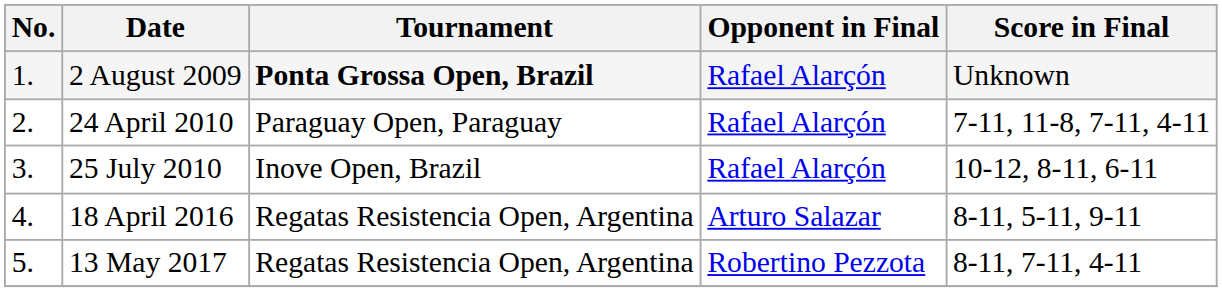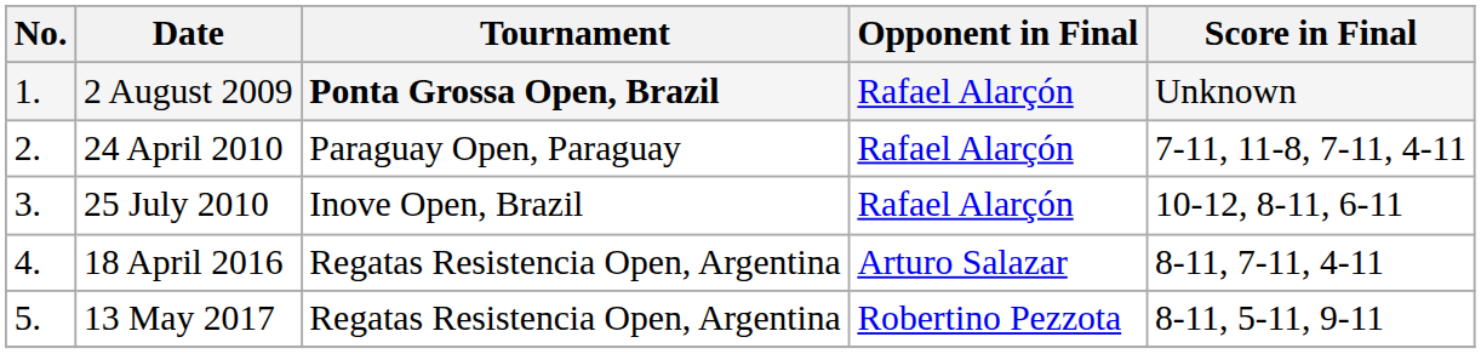 <table class="sortable wikitable">
 <tr>
 <th>No.</th>
 <th>Date</th>
 <th>Tournament</th>
 <th>Opponent in Final</th>
 <th>Score in Final</th>
 </tr>
 <tr style="background:#f5f5f5;">
 <td>1.</td>
 <td>2 August 2009</td>
 <td><strong>Ponta Grossa Open, Brazil</strong></td>
 <td> <a href='#'>Rafael Alarçón</a></td>
 <td>Unknown</td>
 </tr>
 <tr style="background:White;">
 <td>2.</td>
 <td>24 April 2010</td>
 <td>Paraguay Open, Paraguay</td>
 <td> <a href='#'>Rafael Alarçón</a></td>
 <td>7-11, 11-8, 7-11, 4-11</td>
 </tr>
 <tr style="background:White;">
 <td>3.</td>
 <td>25 July 2010</td>
 <td>Inove Open, Brazil</td>
 <td> <a href='#'>Rafael Alarçón</a></td>
 <td>10-12, 8-11, 6-11</td>
 </tr>
 <tr style="background:White;">
 <td>4.</td>
 <td>18 April 2016</td>
 <td>Regatas Resistencia Open, Argentina</td>
 <td> <a href='#'>Arturo Salazar</a></td>
-<td>8-11, 5-11, 9-11</td>
+<td>8-11, 7-11, 4-11</td>
 </tr>
 <tr style="background:White;">
 <td>5.</td>
 <td>13 May 2017</td>
 <td>Regatas Resistencia Open, Argentina</td>
 <td> <a href='#'>Robertino Pezzota</a></td>
-<td>8-11, 7-11, 4-11</td>
+<td>8-11, 5-11, 9-11</td>
 </tr>
 <tr style="background:White;">
 </tr>
 </table>
